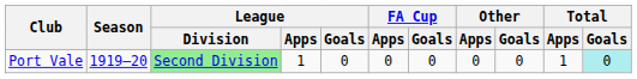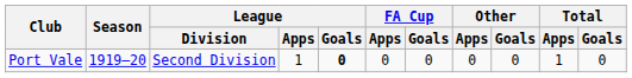 <table class="wikitable" style="text-align:center">
 <tr>
 <th rowspan="2">Club</th>
 <th rowspan="2">Season</th>
 <th colspan="3">League</th>
 <th colspan="2"><a href='#'>FA Cup</a></th>
 <th colspan="2">Other</th>
 <th colspan="2">Total</th>
 </tr>
 <tr>
 <th>Division</th>
 <th>Apps</th>
 <th>Goals</th>
 <th>Apps</th>
 <th>Goals</th>
 <th>Apps</th>
 <th>Goals</th>
 <th>Apps</th>
 <th>Goals</th>
 </tr>
 <tr>
 <td><a href='#'>Port Vale</a></td>
 <td><a href='#'>1919–20</a></td>
-<td style="background: lightgreen;"><a href='#'>Second Division</a></td>
+<td><a href='#'>Second Division</a></td>
 <td>1</td>
-<td>0</td>
+<td><strong>0</strong></td>
 <td>0</td>
 <td>0</td>
 <td>0</td>
 <td>0</td>
 <td>1</td>
-<td style="background: paleturquoise;">0</td>
+<td>0</td>
 </tr>
 </table>
